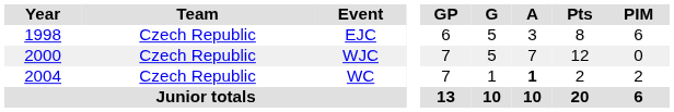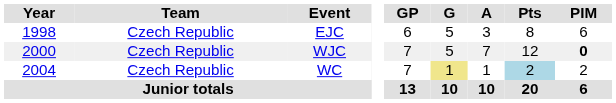 <table border="0" cellpadding="1" cellspacing="0" style="text-align:center; width:40em">
 <tr ALIGN="center" bgcolor="#e0e0e0">
 <th>Year</th>
 <th>Team</th>
 <th>Event</th>
 <th rowspan="99" bgcolor="#ffffff"> </th>
 <th>GP</th>
 <th>G</th>
 <th>A</th>
 <th>Pts</th>
 <th>PIM</th>
 </tr>
 <tr>
 <td><a href='#'>1998</a></td>
 <td><a href='#'>Czech Republic</a></td>
 <td><a href='#'>EJC</a></td>
 <td>6</td>
 <td>5</td>
 <td>3</td>
 <td>8</td>
 <td>6</td>
 </tr>
 <tr bgcolor="#f0f0f0">
 <td><a href='#'>2000</a></td>
 <td><a href='#'>Czech Republic</a></td>
 <td><a href='#'>WJC</a></td>
 <td>7</td>
 <td>5</td>
 <td>7</td>
 <td>12</td>
-<td>0</td>
+<td><strong>0</strong></td>
 </tr>
 <tr>
 <td><a href='#'>2004</a></td>
 <td><a href='#'>Czech Republic</a></td>
 <td><a href='#'>WC</a></td>
 <td>7</td>
+<td style="background: khaki;">1</td>
 <td>1</td>
-<td><strong>1</strong></td>
-<td>2</td>
+<td style="background: lightblue;">2</td>
 <td>2</td>
 </tr>
 <tr bgcolor="#e0e0e0">
 <th colspan=3>Junior totals</th>
 <th>13</th>
 <th>10</th>
 <th>10</th>
 <th>20</th>
 <th>6</th>
 </tr>
 </table>
